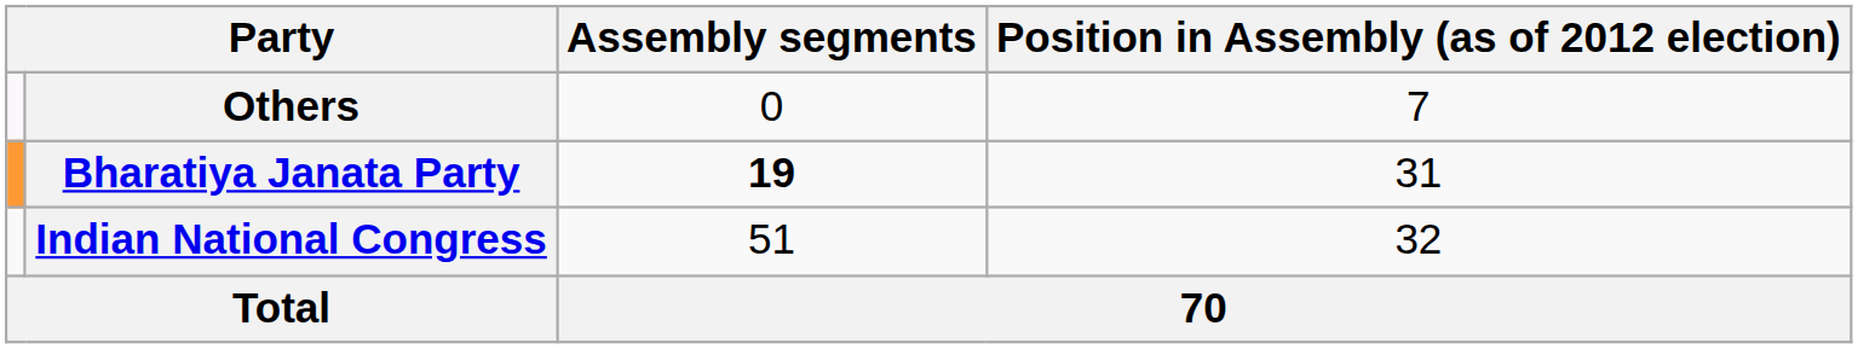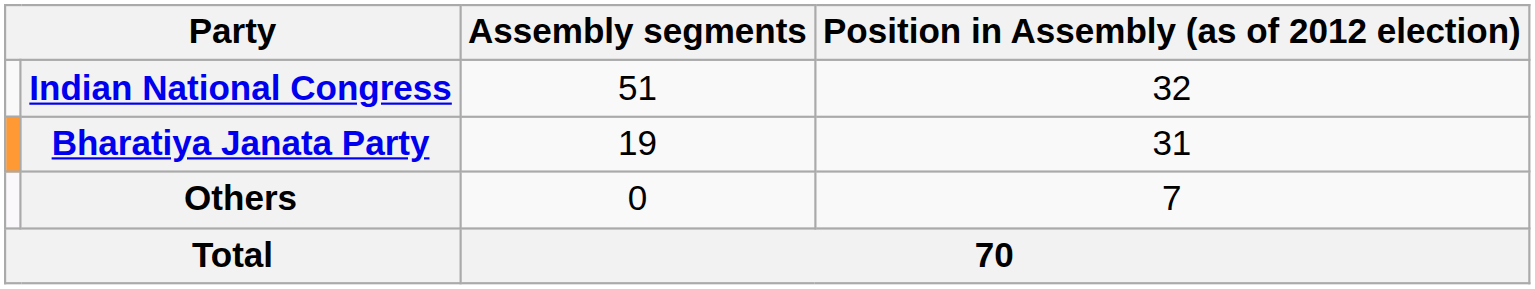 <table class="wikitable" style="text-align:center">
 <tr>
 <th colspan=2>Party</th>
 <th>Assembly segments</th>
 <th>Position in Assembly (as of 2012 election)</th>
+</tr>
+<tr>
+<td></td>
+<th><a href='#'>Indian National Congress</a></th>
+<td>51</td>
+<td>32</td>
+</tr>
+<tr>
+<td bgcolor=#FF9933></td>
+<th><a href='#'>Bharatiya Janata Party</a></th>
+<td>19</td>
+<td>31</td>
 </tr>
 <tr>
 <td bgcolor=#FAF8FA></td>
 <th>Others</th>
 <td>0</td>
 <td>7</td>
 </tr>
 <tr>
-<td bgcolor=#FF9933></td>
-<th><a href='#'>Bharatiya Janata Party</a></th>
-<td><strong>19</strong></td>
-<td>31</td>
-</tr>
-<tr>
-<td></td>
-<th><a href='#'>Indian National Congress</a></th>
-<td>51</td>
-<td>32</td>
-</tr>
-<tr>
 <th colspan=2>Total</th>
 <th colspan=2>70</th>
 </tr>
 </table>
